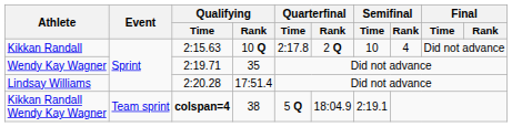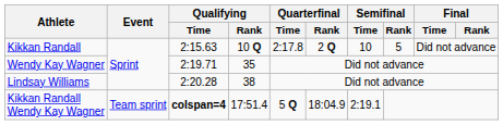 <table class=wikitable style=font-size:90%;text-align:center>
 <tr>
 <th rowspan=2>Athlete</th>
 <th rowspan=2>Event</th>
 <th colspan=2>Qualifying</th>
 <th colspan=2>Quarterfinal</th>
 <th colspan=2>Semifinal</th>
 <th colspan=2>Final</th>
 </tr>
 <tr style=font-size:95%>
 <th>Time</th>
 <th>Rank</th>
 <th>Time</th>
 <th>Rank</th>
 <th>Time</th>
 <th>Rank</th>
 <th>Time</th>
 <th>Rank</th>
 </tr>
 <tr>
 <td align=left><a href='#'>Kikkan Randall</a></td>
 <td align=left rowspan=3><a href='#'>Sprint</a></td>
 <td>2:15.63</td>
 <td>10 <strong>Q</strong></td>
 <td>2:17.8</td>
 <td>2 <strong>Q</strong></td>
 <td>10</td>
-<td>4</td>
+<td>5</td>
 <td colspan=2>Did not advance</td>
 </tr>
 <tr>
 <td align=left><a href='#'>Wendy Kay Wagner</a></td>
 <td>2:19.71</td>
 <td>35</td>
 <td colspan=6>Did not advance</td>
 </tr>
 <tr>
 <td align=left><a href='#'>Lindsay Williams</a></td>
 <td>2:20.28</td>
-<td>17:51.4</td>
+<td>38</td>
 <td colspan=6>Did not advance</td>
 </tr>
 <tr>
 <td align=left><a href='#'>Kikkan Randall</a><br><a href='#'>Wendy Kay Wagner</a></td>
 <td align=left><a href='#'>Team sprint</a></td>
 <td><strong>colspan=4 </strong></td>
-<td>38</td>
+<td>17:51.4</td>
 <td>5 <strong>Q</strong></td>
 <td>18:04.9</td>
 <td>2:19.1</td>
 </tr>
 </table>
